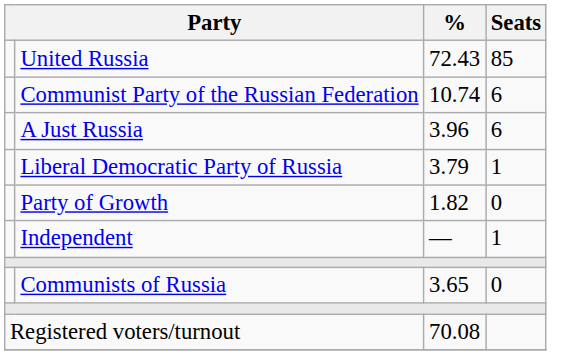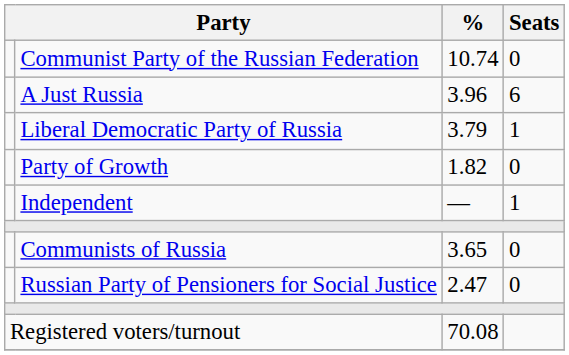 <table class="wikitable">
 <tr>
 <th colspan=2>Party</th>
 <th>%</th>
 <th>Seats</th>
 </tr>
 <tr>
 <td style="background:"></td>
-<td><a href='#'>United Russia</a></td>
-<td>72.43</td>
-<td>85</td>
-</tr>
-<tr>
-<td style="background:"></td>
 <td><a href='#'>Communist Party of the Russian Federation</a></td>
 <td>10.74</td>
-<td>6</td>
+<td>0</td>
 </tr>
 <tr>
 <td style="background:"></td>
 <td><a href='#'>A Just Russia</a></td>
 <td>3.96</td>
 <td>6</td>
 </tr>
 <tr>
 <td style="background:"></td>
 <td><a href='#'>Liberal Democratic Party of Russia</a></td>
 <td>3.79</td>
 <td>1</td>
 </tr>
 <tr>
 <td style="background:"></td>
 <td><a href='#'>Party of Growth</a></td>
 <td>1.82</td>
 <td>0</td>
 </tr>
 <tr>
 <td style="background:"></td>
 <td><a href='#'>Independent</a></td>
 <td>—</td>
 <td>1</td>
 </tr>
 <tr>
 <td colspan=4 style="background:#E9E9E9;"></td>
 </tr>
 <tr>
 <td style="background:"></td>
 <td><a href='#'>Communists of Russia</a></td>
 <td>3.65</td>
 <td>0</td>
 </tr>
 <tr>
+<td style="background:"></td>
+<td><a href='#'>Russian Party of Pensioners for Social Justice</a></td>
+<td>2.47</td>
+<td>0</td>
+</tr>
+<tr>
 <td colspan=4 style="background:#E9E9E9;"></td>
 </tr>
 <tr>
 <td align=left colspan=2>Registered voters/turnout</td>
 <td>70.08</td>
 <td></td>
 </tr>
 <tr>
 </tr>
 </table>
